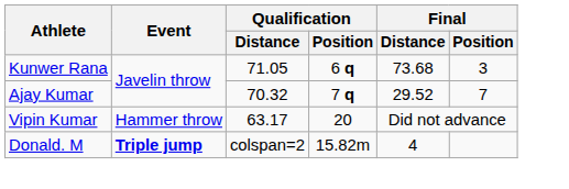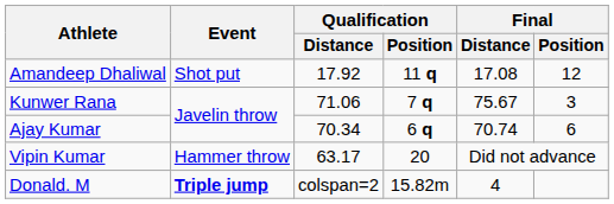 <table class=wikitable style="font-size:90%">
 <tr>
 <th rowspan="2">Athlete</th>
 <th rowspan="2">Event</th>
 <th colspan="2">Qualification</th>
 <th colspan="2">Final</th>
 </tr>
 <tr style="font-size:95%">
 <th>Distance</th>
 <th>Position</th>
 <th>Distance</th>
 <th>Position</th>
 </tr>
 <tr style=text-align:center>
+<td style=text-align:left><a href='#'>Amandeep Dhaliwal</a></td>
+<td style=text-align:left><a href='#'>Shot put</a></td>
+<td>17.92</td>
+<td>11 <strong>q</strong></td>
+<td>17.08</td>
+<td>12</td>
+</tr>
+<tr style=text-align:center>
 <td style=text-align:left><a href='#'>Kunwer Rana</a></td>
 <td style=text-align:left; rowspan=2><a href='#'>Javelin throw</a></td>
-<td>71.05</td>
-<td>6 <strong>q</strong></td>
-<td>73.68</td>
+<td>71.06</td>
+<td>7 <strong>q</strong></td>
+<td>75.67</td>
 <td>3</td>
 </tr>
 <tr style=text-align:center>
 <td style=text-align:left><a href='#'>Ajay Kumar</a></td>
-<td>70.32</td>
-<td>7 <strong>q</strong></td>
-<td>29.52</td>
-<td>7</td>
+<td>70.34</td>
+<td>6 <strong>q</strong></td>
+<td>70.74</td>
+<td>6</td>
 </tr>
 <tr style=text-align:center>
 <td style=text-align:left><a href='#'>Vipin Kumar</a></td>
 <td style=text-align:left><a href='#'>Hammer throw</a></td>
 <td>63.17</td>
 <td>20</td>
 <td colspan="2">Did not advance</td>
 </tr>
 <tr style=text-align:center>
 <td style=text-align:left><a href='#'>Donald. M</a></td>
 <td style=text-align:left><strong><a href='#'>Triple jump</a></strong></td>
 <td>colspan=2 </td>
 <td>15.82m</td>
 <td>4</td>
 </tr>
 </table>
